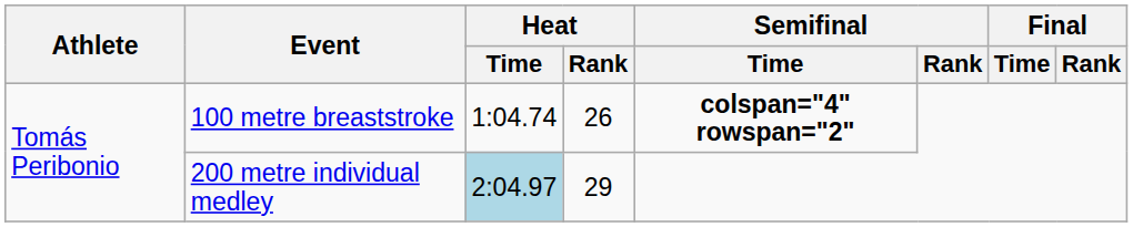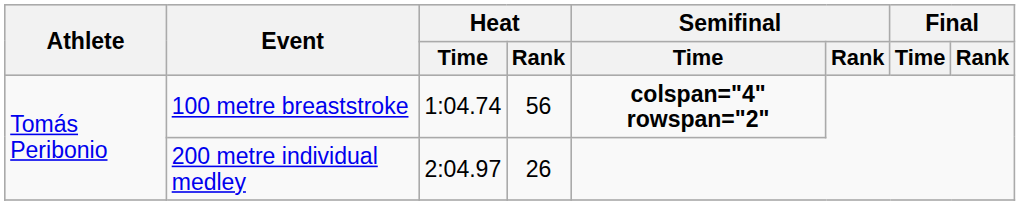 <table class="wikitable" style="text-align:center; font-size:90%; width:50%;">
 <tr>
 <th rowspan="2">Athlete</th>
 <th rowspan="2">Event</th>
 <th colspan="2">Heat</th>
 <th colspan="2">Semifinal</th>
 <th colspan="2">Final</th>
 </tr>
 <tr style="font-size:95%">
 <th>Time</th>
 <th>Rank</th>
 <th>Time</th>
 <th>Rank</th>
 <th>Time</th>
 <th>Rank</th>
 </tr>
 <tr align=center>
 <td align=left rowspan="2"><a href='#'>Tomás Peribonio</a></td>
 <td align=left><a href='#'>100 metre breaststroke</a></td>
 <td>1:04.74</td>
-<td>26</td>
+<td>56</td>
 <td><strong>colspan="4" rowspan="2" </strong></td>
 </tr>
 <tr align=center>
 <td align=left><a href='#'>200 metre individual medley</a></td>
-<td style="background: lightblue;">2:04.97</td>
-<td>29</td>
+<td>2:04.97</td>
+<td>26</td>
 </tr>
 </table>
